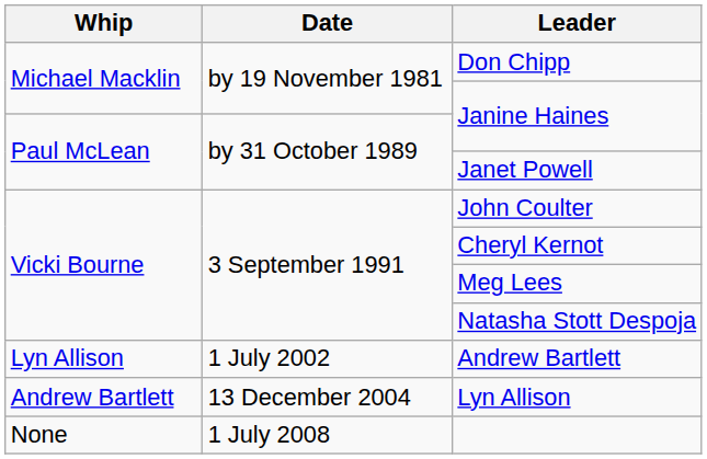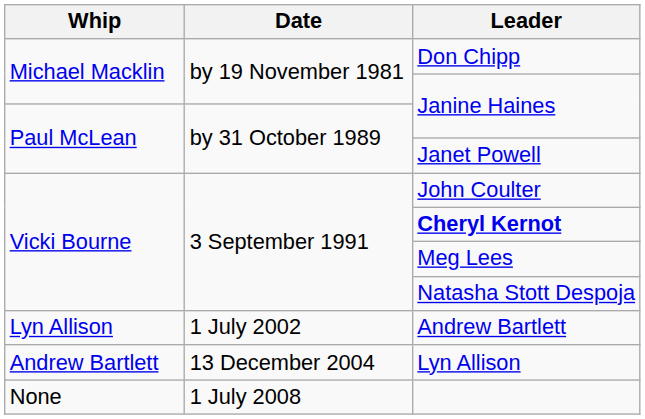 <table class=wikitable>
 <tr>
 <th width=125px>Whip</th>
 <th width=160px>Date</th>
 <th>Leader</th>
 </tr>
 <tr>
 <td rowspan=2 height=40px><a href='#'>Michael Macklin</a></td>
 <td rowspan=2>by 19 November 1981</td>
 <td><a href='#'>Don Chipp</a></td>
 </tr>
 <tr>
 <td rowspan=2 height=40px><a href='#'>Janine Haines</a></td>
 </tr>
 <tr>
 <td rowspan=2><a href='#'>Paul McLean</a></td>
 <td rowspan=2>by 31 October 1989</td>
 </tr>
 <tr>
 <td><a href='#'>Janet Powell</a></td>
 </tr>
 <tr>
 <td rowspan=4><a href='#'>Vicki Bourne</a></td>
 <td rowspan=4>3 September 1991</td>
 <td><a href='#'>John Coulter</a></td>
 </tr>
 <tr>
-<td><a href='#'>Cheryl Kernot</a></td>
+<td><strong><a href='#'>Cheryl Kernot</a></strong></td>
 </tr>
 <tr>
 <td><a href='#'>Meg Lees</a></td>
 </tr>
 <tr>
 <td><a href='#'>Natasha Stott Despoja</a></td>
 </tr>
 <tr>
 <td><a href='#'>Lyn Allison</a></td>
 <td>1 July 2002</td>
 <td><a href='#'>Andrew Bartlett</a></td>
 </tr>
 <tr>
 <td><a href='#'>Andrew Bartlett</a></td>
 <td>13 December 2004</td>
 <td><a href='#'>Lyn Allison</a></td>
 </tr>
 <tr>
 <td>None</td>
 <td>1 July 2008</td>
 <td></td>
 </tr>
 </table>
